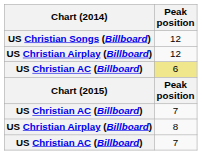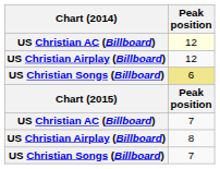 <table class="wikitable plainrowheaders" style="text-align:center">
 <tr>
 <th scope="col">Chart (2014)</th>
 <th scope="col">Peak<br>position</th>
 </tr>
 <tr>
-<th scope="row">US <a href='#'>Christian Songs</a> (<em><a href='#'>Billboard</a></em>)</th>
-<td>12</td>
+<th scope="row">US <a href='#'>Christian AC</a> (<em><a href='#'>Billboard</a></em>)</th>
+<td style="background: lightyellow;">12</td>
 </tr>
 <tr>
 <th scope="row">US <a href='#'>Christian Airplay</a> (<em><a href='#'>Billboard</a></em>)</th>
 <td>12</td>
 </tr>
 <tr>
-<th scope="row">US <a href='#'>Christian AC</a> (<em><a href='#'>Billboard</a></em>)</th>
+<th scope="row">US <a href='#'>Christian Songs</a> (<em><a href='#'>Billboard</a></em>)</th>
 <td style="background: khaki;">6</td>
 </tr>
 <tr>
 <th scope="col">Chart (2015)</th>
 <th scope="col">Peak<br>position</th>
 </tr>
 <tr>
 <th scope="row">US <a href='#'>Christian AC</a> (<em><a href='#'>Billboard</a></em>)</th>
 <td>7</td>
 </tr>
 <tr>
 <th scope="row">US <a href='#'>Christian Airplay</a> (<em><a href='#'>Billboard</a></em>)</th>
 <td>8</td>
 </tr>
 <tr>
-<th scope="row">US <a href='#'>Christian AC</a> (<em><a href='#'>Billboard</a></em>)</th>
+<th scope="row">US <a href='#'>Christian Songs</a> (<em><a href='#'>Billboard</a></em>)</th>
 <td>7</td>
 </tr>
 </table>
